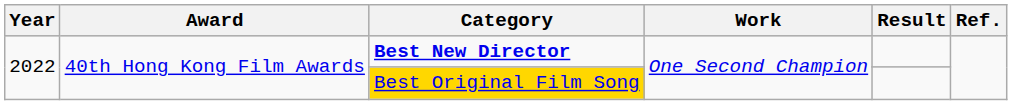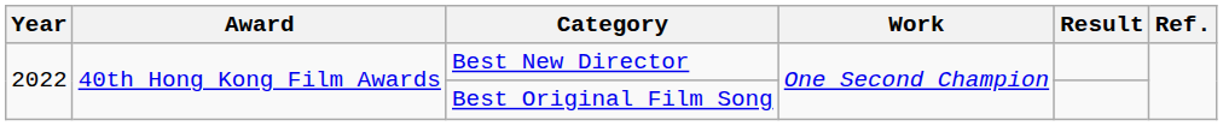 <table class="wikitable plainrowheaders">
 <tr>
 <th>Year</th>
 <th>Award</th>
 <th>Category</th>
 <th>Work</th>
 <th>Result</th>
 <th>Ref.</th>
 </tr>
 <tr>
 <td rowspan="2">2022</td>
 <td rowspan="2"><a href='#'>40th Hong Kong Film Awards</a></td>
-<td><strong><a href='#'>Best New Director</a></strong></td>
+<td><a href='#'>Best New Director</a></td>
 <td rowspan="2"><em><a href='#'>One Second Champion</a></em></td>
 <td></td>
 <td rowspan="2"></td>
 </tr>
 <tr>
-<td style="background: gold;"><a href='#'>Best Original Film Song</a></td>
+<td><a href='#'>Best Original Film Song</a></td>
 <td></td>
 </tr>
 </table>
